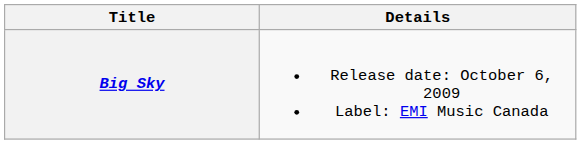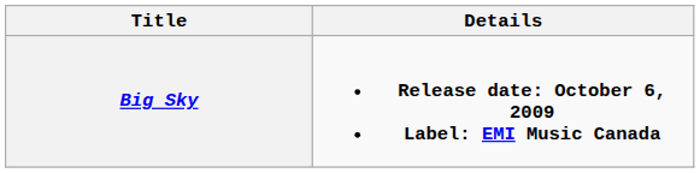 <table class="wikitable plainrowheaders" style="text-align:center;">
 <tr>
 <th style="width:16em;">Title</th>
 <th style="width:20em;">Details</th>
 </tr>
 <tr>
 <th scope="row"><em><a href='#'>Big Sky</a></em></th>
-<td><br><ul><li>Release date: October 6, 2009</li><li>Label: <a href='#'>EMI</a> Music Canada</li></ul></td>
+<td><strong><br><ul><li>Release date: October 6, 2009</li><li>Label: <a href='#'>EMI</a> Music Canada</li></ul></strong></td>
 </tr>
 </table>
